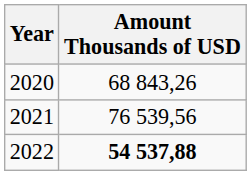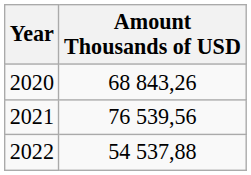 <table class="wikitable" style="text-align:center;">
 <tr>
 <th>Year</th>
 <th>Amount<br>Thousands of USD</th>
 </tr>
 <tr>
 <td>2020</td>
 <td>68 843,26</td>
 </tr>
 <tr>
 <td>2021</td>
 <td>76 539,56 </td>
 </tr>
 <tr>
 <td>2022</td>
-<td><strong>54 537,88 </strong></td>
+<td>54 537,88 </td>
 </tr>
 </table>
